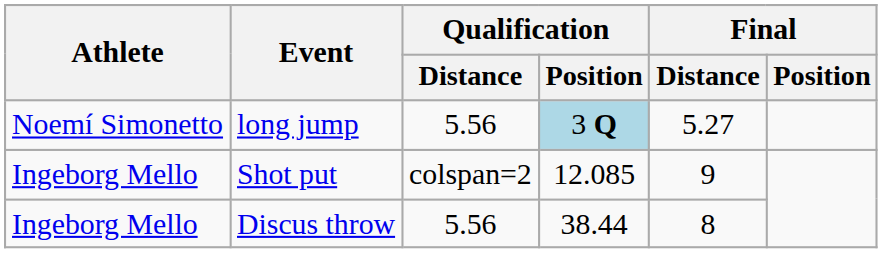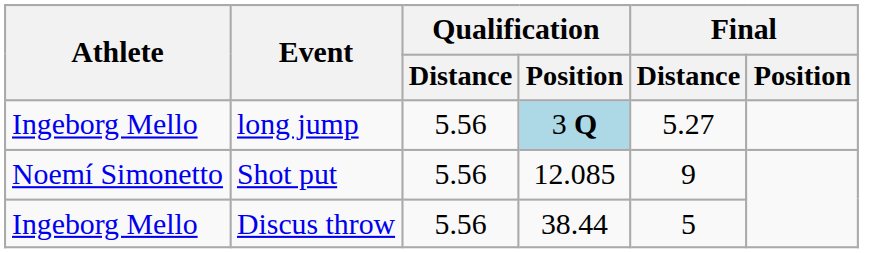 <table class=wikitable style="font-size:90%">
 <tr>
 <th rowspan=2>Athlete</th>
 <th rowspan=2>Event</th>
 <th colspan=2>Qualification</th>
 <th colspan=2>Final</th>
 </tr>
 <tr style="font-size:95%">
 <th>Distance</th>
 <th>Position</th>
 <th>Distance</th>
 <th>Position</th>
 </tr>
 <tr align=center>
-<td align=left><a href='#'>Noemí Simonetto</a></td>
+<td align=left><a href='#'>Ingeborg Mello</a></td>
 <td align=left><a href='#'>long jump</a></td>
 <td>5.56</td>
 <td style="background: lightblue;">3 <strong>Q</strong></td>
 <td>5.27</td>
 <td></td>
 </tr>
 <tr align=center>
-<td align=left><a href='#'>Ingeborg Mello</a></td>
+<td align=left><a href='#'>Noemí Simonetto</a></td>
 <td align=left><a href='#'>Shot put</a></td>
-<td>colspan=2 </td>
+<td>5.56</td>
 <td>12.085</td>
 <td>9</td>
 </tr>
 <tr align=center>
 <td align=left><a href='#'>Ingeborg Mello</a></td>
 <td align=left><a href='#'>Discus throw</a></td>
 <td>5.56</td>
 <td>38.44</td>
-<td>8</td>
+<td>5</td>
 </tr>
 </table>
